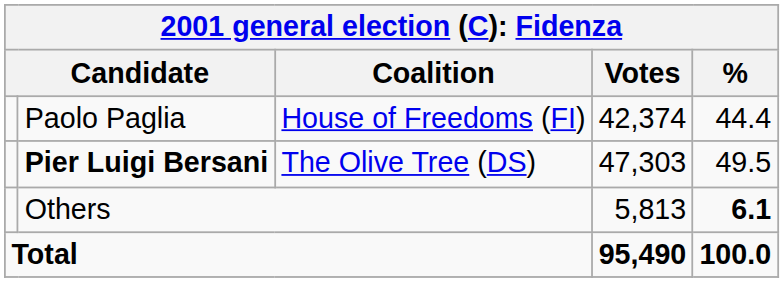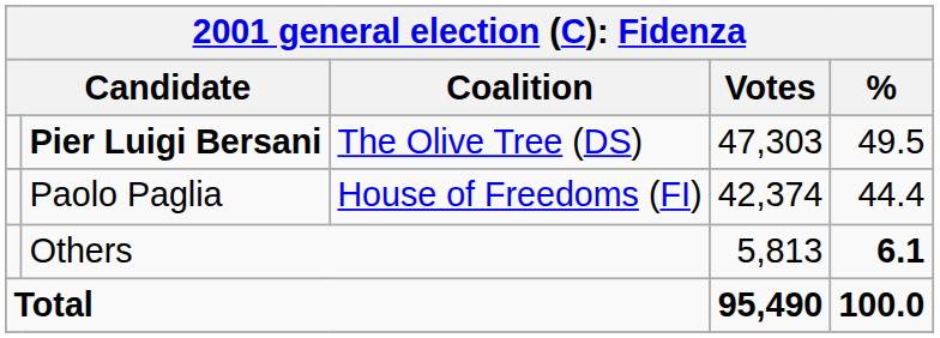 <table class=wikitable style=text-align:right>
 <tr>
 <th colspan=5><a href='#'>2001 general election</a> (<a href='#'>C</a>): <a href='#'>Fidenza</a></th>
 </tr>
 <tr>
 <th colspan=2>Candidate</th>
 <th>Coalition</th>
 <th>Votes</th>
 <th>%</th>
 </tr>
 <tr>
 <td></td>
+<td align=left><strong>Pier Luigi Bersani</strong></td>
+<td align=left><a href='#'>The Olive Tree</a> (<a href='#'>DS</a>)</td>
+<td>47,303</td>
+<td>49.5</td>
+</tr>
+<tr>
+<td></td>
 <td align=left>Paolo Paglia</td>
 <td align=left><a href='#'>House of Freedoms</a> (<a href='#'>FI</a>)</td>
 <td>42,374</td>
 <td>44.4</td>
-</tr>
-<tr>
-<td></td>
-<td align=left><strong>Pier Luigi Bersani</strong></td>
-<td align=left><a href='#'>The Olive Tree</a> (<a href='#'>DS</a>)</td>
-<td>47,303</td>
-<td>49.5</td>
 </tr>
 <tr>
 <td></td>
 <td align=left colspan=2>Others</td>
 <td>5,813</td>
 <td><strong>6.1</strong></td>
 </tr>
 <tr>
 <td align=left colspan=3><strong>Total</strong></td>
 <td><strong>95,490</strong></td>
 <td><strong>100.0</strong></td>
 </tr>
 </table>
